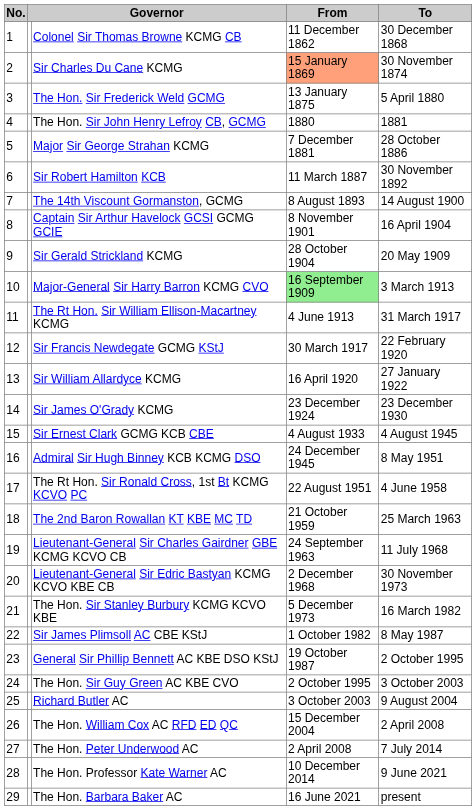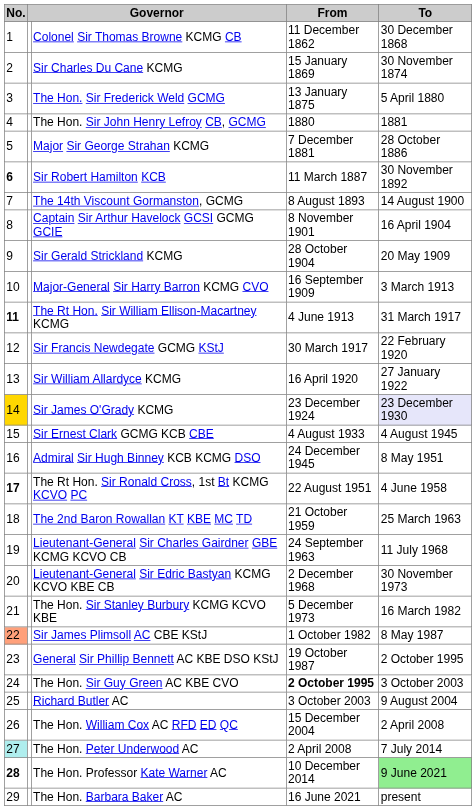 <table border="1" cellspacing="0" cellpadding="2" style="border-collapse:collapse;">
 <tr style="background:#ccc;">
 <th style="width:4%;">No.</th>
 <th colspan=2 style="width:56%;">Governor</th>
 <th style="width:20%;">From</th>
 <th style="width:20%;">To</th>
 </tr>
 <tr>
 <td>1</td>
 <td></td>
 <td><a href='#'>Colonel</a> <a href='#'>Sir Thomas Browne</a> KCMG <a href='#'>CB</a></td>
 <td>11 December 1862</td>
 <td>30 December 1868</td>
 </tr>
 <tr>
 <td>2</td>
 <td></td>
 <td><a href='#'>Sir Charles Du Cane</a> KCMG</td>
-<td style="background: lightsalmon;">15 January 1869</td>
+<td>15 January 1869</td>
 <td>30 November 1874</td>
 </tr>
 <tr>
 <td>3</td>
 <td></td>
 <td><a href='#'>The Hon.</a> <a href='#'>Sir Frederick Weld</a> <a href='#'>GCMG</a></td>
 <td>13 January 1875</td>
 <td>5 April 1880</td>
 </tr>
 <tr>
 <td>4</td>
 <td></td>
 <td>The Hon. <a href='#'>Sir John Henry Lefroy</a> <a href='#'>CB</a>, <a href='#'>GCMG</a></td>
 <td>1880</td>
 <td>1881</td>
 </tr>
 <tr>
 <td>5</td>
 <td></td>
 <td><a href='#'>Major</a> <a href='#'>Sir George Strahan</a> KCMG</td>
 <td>7 December 1881</td>
 <td>28 October 1886</td>
 </tr>
 <tr>
-<td>6</td>
+<td><strong>6</strong></td>
 <td></td>
 <td><a href='#'>Sir Robert Hamilton</a> <a href='#'>KCB</a></td>
 <td>11 March 1887</td>
 <td>30 November 1892</td>
 </tr>
 <tr>
 <td>7</td>
 <td></td>
 <td><a href='#'>The 14th Viscount Gormanston</a>, GCMG</td>
 <td>8 August 1893</td>
 <td>14 August 1900</td>
 </tr>
 <tr>
 <td>8</td>
 <td></td>
 <td><a href='#'>Captain</a> <a href='#'>Sir Arthur Havelock</a> <a href='#'>GCSI</a> GCMG <a href='#'>GCIE</a></td>
 <td>8 November 1901</td>
 <td>16 April 1904</td>
 </tr>
 <tr>
 <td>9</td>
 <td></td>
 <td><a href='#'>Sir Gerald Strickland</a> KCMG</td>
 <td>28 October 1904</td>
 <td>20 May 1909</td>
 </tr>
 <tr>
 <td>10</td>
 <td></td>
 <td><a href='#'>Major-General</a> <a href='#'>Sir Harry Barron</a> KCMG <a href='#'>CVO</a></td>
-<td style="background: lightgreen;">16 September 1909</td>
+<td>16 September 1909</td>
 <td>3 March 1913</td>
 </tr>
 <tr>
-<td>11</td>
+<td><strong>11</strong></td>
 <td></td>
 <td><a href='#'>The Rt Hon.</a> <a href='#'>Sir William Ellison-Macartney</a> KCMG</td>
 <td>4 June 1913</td>
 <td>31 March 1917</td>
 </tr>
 <tr>
 <td>12</td>
 <td></td>
 <td><a href='#'>Sir Francis Newdegate</a> GCMG <a href='#'>KStJ</a></td>
 <td>30 March 1917</td>
 <td>22 February 1920</td>
 </tr>
 <tr>
 <td>13</td>
 <td></td>
 <td><a href='#'>Sir William Allardyce</a> KCMG</td>
 <td>16 April 1920</td>
 <td>27 January 1922</td>
 </tr>
 <tr>
-<td>14</td>
+<td style="background: gold;">14</td>
 <td></td>
 <td><a href='#'>Sir James O'Grady</a> KCMG</td>
 <td>23 December 1924</td>
-<td>23 December 1930</td>
+<td style="background: lavender;">23 December 1930</td>
 </tr>
 <tr>
 <td>15</td>
 <td></td>
 <td><a href='#'>Sir Ernest Clark</a> GCMG KCB <a href='#'>CBE</a></td>
 <td>4 August 1933</td>
 <td>4 August 1945</td>
 </tr>
 <tr>
 <td>16</td>
 <td></td>
 <td><a href='#'>Admiral</a> <a href='#'>Sir Hugh Binney</a> KCB KCMG <a href='#'>DSO</a></td>
 <td>24 December 1945</td>
 <td>8 May 1951</td>
 </tr>
 <tr>
-<td>17</td>
+<td><strong>17</strong></td>
 <td></td>
 <td>The Rt Hon. <a href='#'>Sir Ronald Cross</a>, 1st <a href='#'>Bt</a> KCMG <a href='#'>KCVO</a> <a href='#'>PC</a></td>
 <td>22 August 1951</td>
 <td>4 June 1958</td>
 </tr>
 <tr>
 <td>18</td>
 <td></td>
 <td><a href='#'>The 2nd Baron Rowallan</a> <a href='#'>KT</a> <a href='#'>KBE</a> <a href='#'>MC</a> <a href='#'>TD</a></td>
 <td>21 October 1959</td>
 <td>25 March 1963</td>
 </tr>
 <tr>
 <td>19</td>
 <td></td>
 <td><a href='#'>Lieutenant-General</a> <a href='#'>Sir Charles Gairdner</a> <a href='#'>GBE</a> KCMG KCVO CB</td>
 <td>24 September 1963</td>
 <td>11 July 1968</td>
 </tr>
 <tr>
 <td>20</td>
 <td></td>
 <td><a href='#'>Lieutenant-General</a> <a href='#'>Sir Edric Bastyan</a> KCMG KCVO KBE CB</td>
 <td>2 December 1968</td>
 <td>30 November 1973</td>
 </tr>
 <tr>
 <td>21</td>
 <td></td>
 <td>The Hon. <a href='#'>Sir Stanley Burbury</a> KCMG KCVO KBE</td>
 <td>5 December 1973</td>
 <td>16 March 1982</td>
 </tr>
 <tr>
-<td>22</td>
+<td style="background: lightsalmon;">22</td>
 <td></td>
 <td><a href='#'>Sir James Plimsoll</a> <a href='#'>AC</a> CBE KStJ</td>
 <td>1 October 1982</td>
 <td>8 May 1987</td>
 </tr>
 <tr>
 <td>23</td>
 <td></td>
 <td><a href='#'>General</a> <a href='#'>Sir Phillip Bennett</a> AC KBE DSO KStJ</td>
 <td>19 October 1987</td>
 <td>2 October 1995</td>
 </tr>
 <tr>
 <td>24</td>
 <td></td>
 <td>The Hon. <a href='#'>Sir Guy Green</a> AC KBE CVO</td>
-<td>2 October 1995</td>
+<td><strong>2 October 1995</strong></td>
 <td>3 October 2003</td>
 </tr>
 <tr>
 <td>25</td>
 <td></td>
 <td><a href='#'>Richard Butler</a> AC</td>
 <td>3 October 2003</td>
 <td>9 August 2004</td>
 </tr>
 <tr>
 <td>26</td>
 <td></td>
 <td>The Hon. <a href='#'>William Cox</a> AC <a href='#'>RFD</a> <a href='#'>ED</a> <a href='#'>QC</a></td>
 <td>15 December 2004</td>
 <td>2 April 2008</td>
 </tr>
 <tr>
-<td>27</td>
+<td style="background: paleturquoise;">27</td>
 <td></td>
 <td>The Hon. <a href='#'>Peter Underwood</a> AC</td>
 <td>2 April 2008</td>
 <td>7 July 2014</td>
 </tr>
 <tr>
-<td>28</td>
+<td><strong>28</strong></td>
 <td></td>
 <td>The Hon. Professor <a href='#'>Kate Warner</a> AC</td>
 <td>10 December 2014</td>
-<td>9 June 2021</td>
+<td style="background: lightgreen;">9 June 2021</td>
 </tr>
 <tr>
 <td>29</td>
 <td></td>
 <td>The Hon. <a href='#'>Barbara Baker</a> AC</td>
 <td>16 June 2021</td>
 <td>present</td>
 </tr>
 </table>
